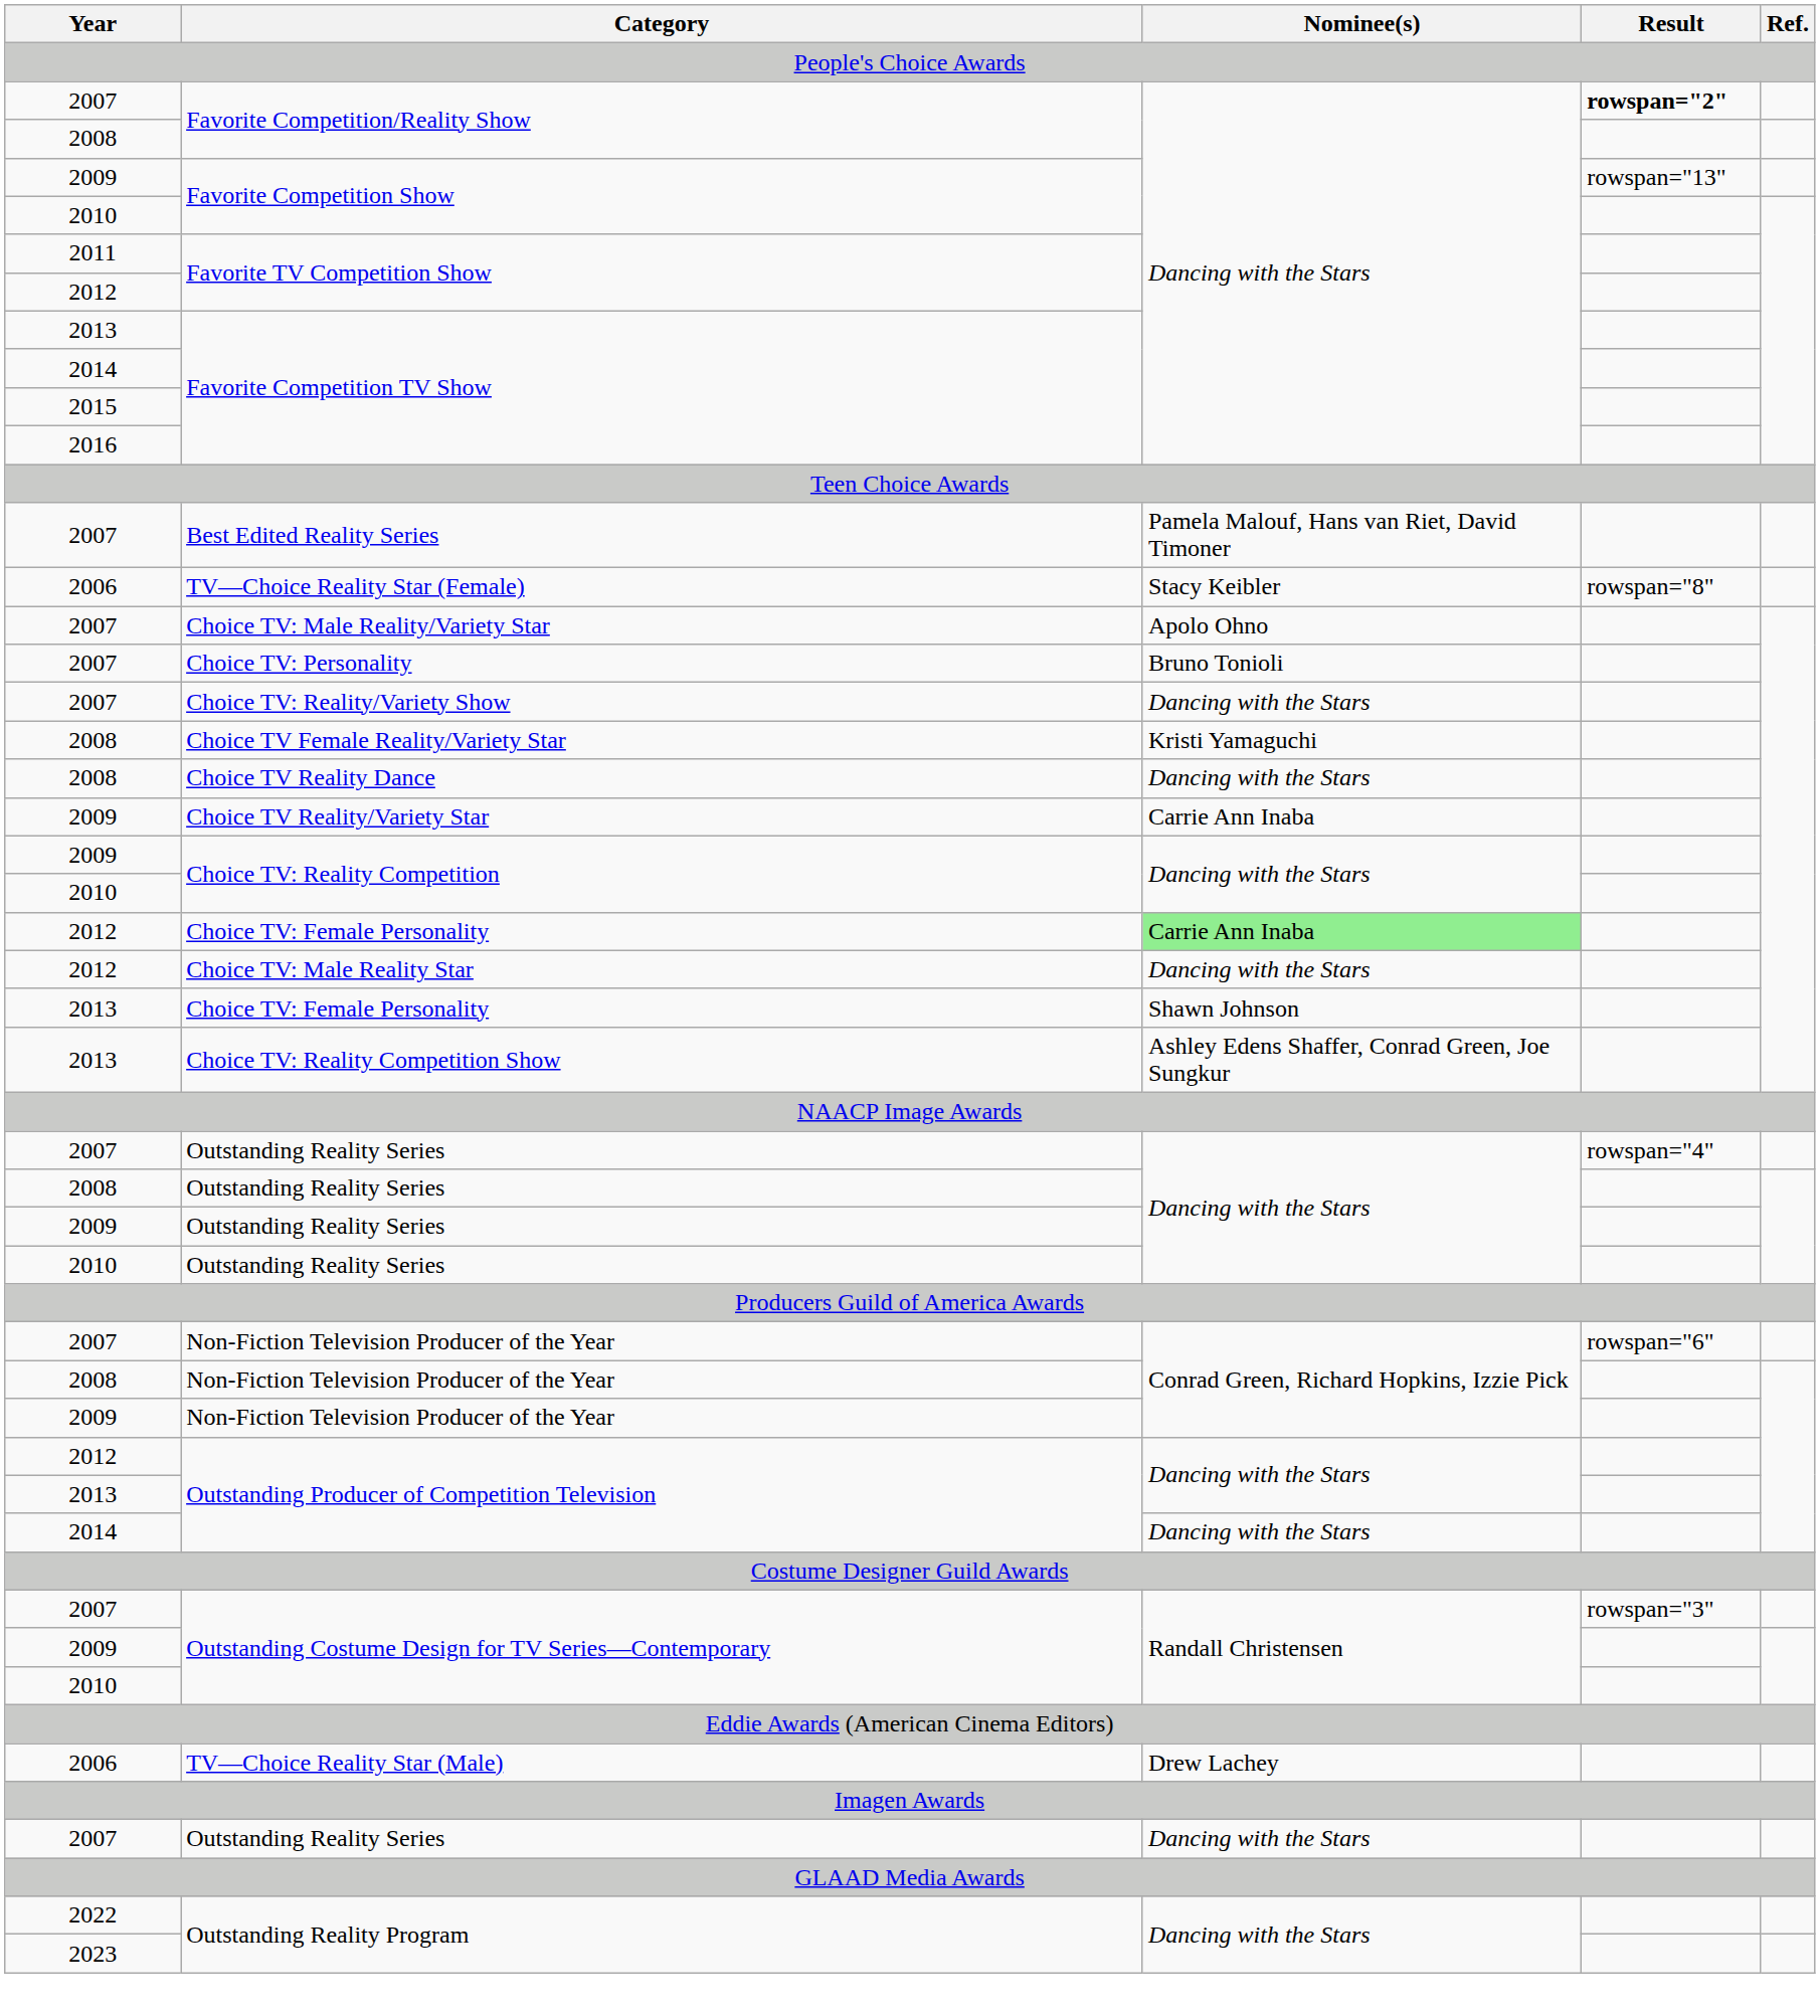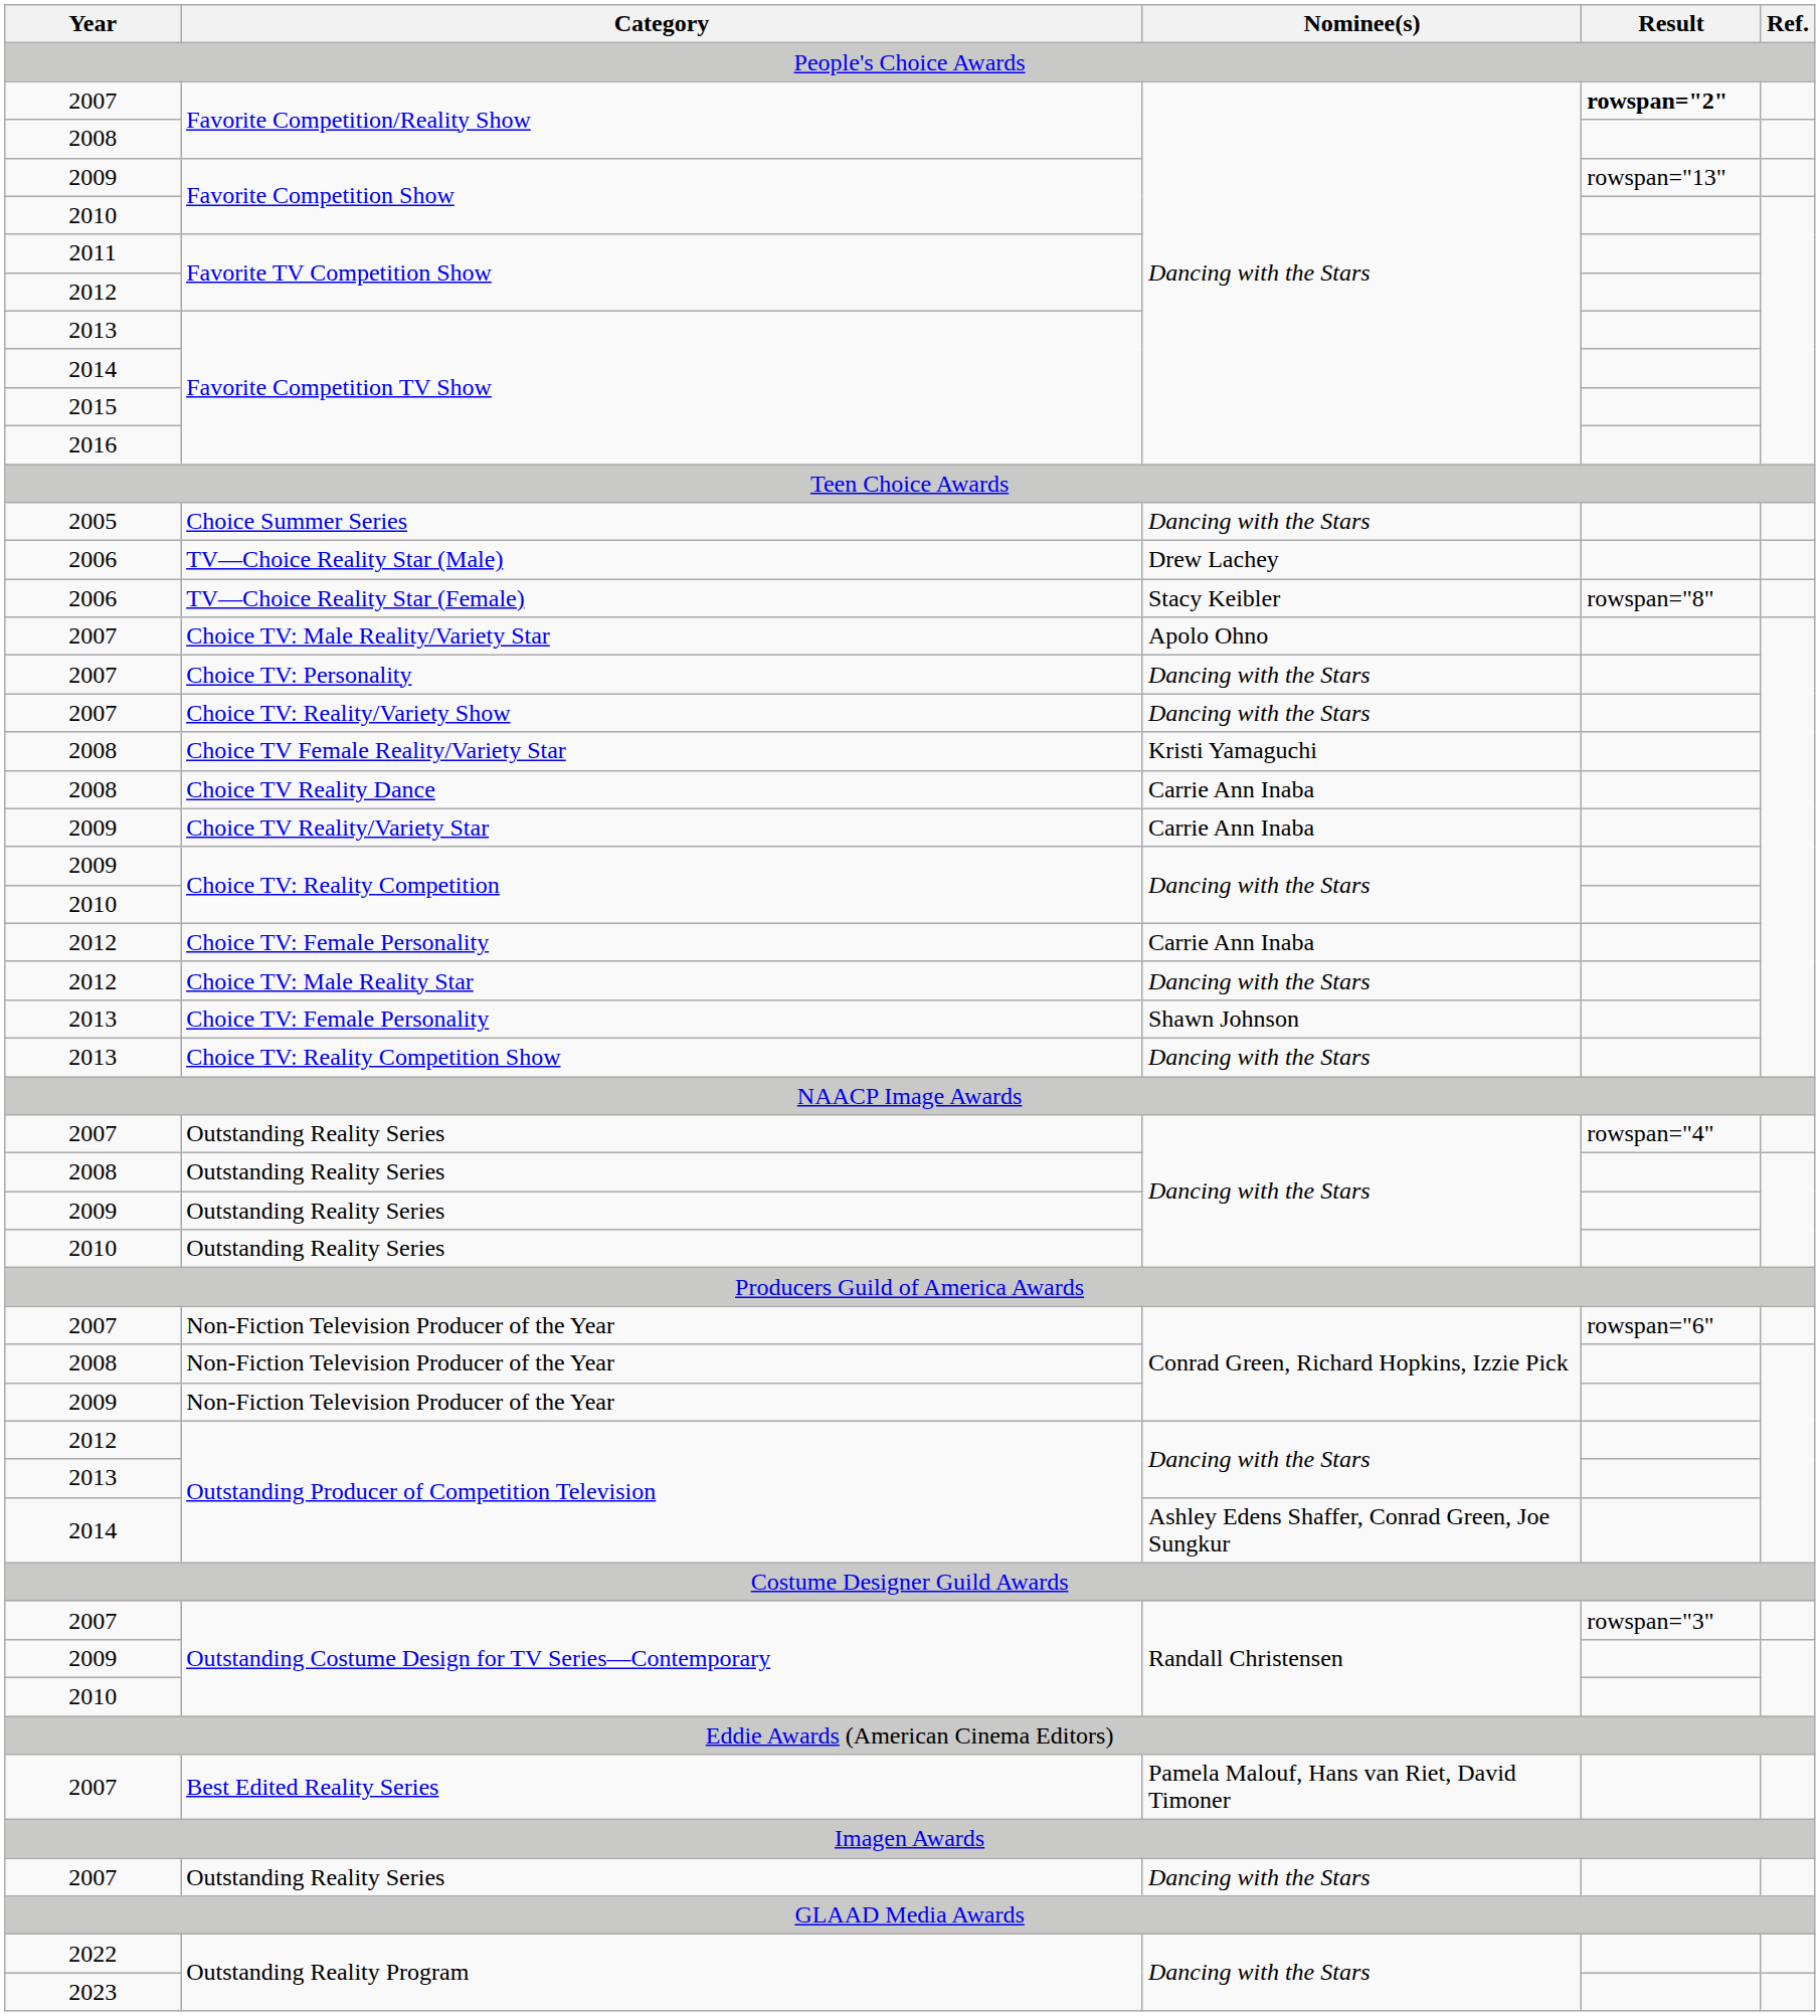 <table class="wikitable" style="width:95%;">
 <tr>
 <th width=10%>Year</th>
 <th width=55%>Category</th>
 <th width=25%>Nominee(s)</th>
 <th width=10%>Result</th>
 <th>Ref.</th>
 </tr>
 <tr>
 <td colspan="5" align="center" style="background:#c9cac8;"><a href='#'>People's Choice Awards</a></td>
 </tr>
 <tr>
 <td style="text-align:center;">2007</td>
 <td rowspan="2"><a href='#'>Favorite Competition/Reality Show</a></td>
 <td rowspan="10"><em>Dancing with the Stars</em></td>
 <td><strong>rowspan="2" </strong></td>
 <td></td>
 </tr>
 <tr>
 <td style="text-align:center;">2008</td>
 <td></td>
 </tr>
 <tr>
 <td style="text-align:center;">2009</td>
 <td rowspan="2"><a href='#'>Favorite Competition Show</a></td>
 <td>rowspan="13" </td>
 <td></td>
 </tr>
 <tr>
 <td style="text-align:center;">2010</td>
 <td></td>
 </tr>
 <tr>
 <td style="text-align:center;">2011</td>
 <td rowspan="2"><a href='#'>Favorite TV Competition Show</a></td>
 <td></td>
 </tr>
 <tr>
 <td style="text-align:center;">2012</td>
 <td></td>
 </tr>
 <tr>
 <td style="text-align:center;">2013</td>
 <td rowspan="4"><a href='#'>Favorite Competition TV Show</a></td>
 <td></td>
 </tr>
 <tr>
 <td style="text-align:center;">2014</td>
 <td></td>
 </tr>
 <tr>
 <td style="text-align:center;">2015</td>
 <td></td>
 </tr>
 <tr>
 <td style="text-align:center;">2016</td>
 <td></td>
 </tr>
 <tr>
 <td colspan="5" align="center" style="background:#c9cac8;"><a href='#'>Teen Choice Awards</a></td>
 </tr>
 <tr>
-<td style="text-align:center;">2007</td>
-<td><a href='#'>Best Edited Reality Series</a></td>
-<td>Pamela Malouf, Hans van Riet, David Timoner</td>
+<td style="text-align:center;">2005</td>
+<td><a href='#'>Choice Summer Series</a></td>
+<td><em>Dancing with the Stars</em></td>
+<td></td>
+<td></td>
+</tr>
+<tr>
+<td style="text-align:center;">2006</td>
+<td><a href='#'>TV—Choice Reality Star (Male)</a></td>
+<td>Drew Lachey</td>
 <td></td>
 <td></td>
 </tr>
 <tr>
 <td style="text-align:center;">2006</td>
 <td><a href='#'>TV—Choice Reality Star (Female)</a></td>
 <td>Stacy Keibler</td>
 <td>rowspan="8" </td>
 <td></td>
 </tr>
 <tr>
 <td style="text-align:center;">2007</td>
 <td><a href='#'>Choice TV: Male Reality/Variety Star</a></td>
 <td>Apolo Ohno</td>
 <td></td>
 </tr>
 <tr>
 <td style="text-align:center;">2007</td>
 <td><a href='#'>Choice TV: Personality</a></td>
-<td>Bruno Tonioli</td>
+<td><em>Dancing with the Stars</em></td>
 <td></td>
 </tr>
 <tr>
 <td style="text-align:center;">2007</td>
 <td><a href='#'>Choice TV: Reality/Variety Show</a></td>
 <td><em>Dancing with the Stars</em></td>
 <td></td>
 </tr>
 <tr>
 <td style="text-align:center;">2008</td>
 <td><a href='#'>Choice TV Female Reality/Variety Star</a></td>
 <td>Kristi Yamaguchi</td>
 <td></td>
 </tr>
 <tr>
 <td style="text-align:center;">2008</td>
 <td><a href='#'>Choice TV Reality Dance</a></td>
-<td><em>Dancing with the Stars</em></td>
+<td>Carrie Ann Inaba</td>
 <td></td>
 </tr>
 <tr>
 <td style="text-align:center;">2009</td>
 <td><a href='#'>Choice TV Reality/Variety Star</a></td>
 <td>Carrie Ann Inaba</td>
 <td></td>
 </tr>
 <tr>
 <td style="text-align:center;">2009</td>
 <td rowspan="2"><a href='#'>Choice TV: Reality Competition</a></td>
 <td rowspan="2"><em>Dancing with the Stars</em></td>
 <td></td>
 </tr>
 <tr>
 <td style="text-align:center;">2010</td>
 <td></td>
 </tr>
 <tr>
 <td style="text-align:center;">2012</td>
 <td><a href='#'>Choice TV: Female Personality</a></td>
-<td style="background: lightgreen;">Carrie Ann Inaba</td>
+<td>Carrie Ann Inaba</td>
 <td></td>
 </tr>
 <tr>
 <td style="text-align:center;">2012</td>
 <td><a href='#'>Choice TV: Male Reality Star</a></td>
 <td><em>Dancing with the Stars</em></td>
 <td></td>
 </tr>
 <tr>
 <td style="text-align:center;">2013</td>
 <td><a href='#'>Choice TV: Female Personality</a></td>
 <td>Shawn Johnson</td>
 <td></td>
 </tr>
 <tr>
 <td style="text-align:center;">2013</td>
 <td><a href='#'>Choice TV: Reality Competition Show</a></td>
-<td>Ashley Edens Shaffer, Conrad Green, Joe Sungkur</td>
+<td><em>Dancing with the Stars</em></td>
 <td></td>
 </tr>
 <tr>
 <td colspan="5" align="center" style="background:#c9cac8;"><a href='#'>NAACP Image Awards</a></td>
 </tr>
 <tr>
 <td style="text-align:center;">2007</td>
 <td>Outstanding Reality Series</td>
 <td rowspan="4"><em>Dancing with the Stars</em></td>
 <td>rowspan="4" </td>
 <td></td>
 </tr>
 <tr>
 <td style="text-align:center;">2008</td>
 <td>Outstanding Reality Series</td>
 <td></td>
 </tr>
 <tr>
 <td style="text-align:center;">2009</td>
 <td>Outstanding Reality Series</td>
 <td></td>
 </tr>
 <tr>
 <td style="text-align:center;">2010</td>
 <td>Outstanding Reality Series</td>
 <td></td>
 </tr>
 <tr>
 <td colspan="5" align="center" style="background:#c9cac8;"><a href='#'>Producers Guild of America Awards</a></td>
 </tr>
 <tr>
 <td style="text-align:center;">2007</td>
 <td>Non-Fiction Television Producer of the Year</td>
 <td rowspan="3">Conrad Green, Richard Hopkins, Izzie Pick</td>
 <td>rowspan="6" </td>
 <td></td>
 </tr>
 <tr>
 <td style="text-align:center;">2008</td>
 <td>Non-Fiction Television Producer of the Year</td>
 <td></td>
 </tr>
 <tr>
 <td style="text-align:center;">2009</td>
 <td>Non-Fiction Television Producer of the Year</td>
 <td></td>
 </tr>
 <tr>
 <td style="text-align:center;">2012</td>
 <td rowspan="3"><a href='#'>Outstanding Producer of Competition Television</a></td>
 <td rowspan="2"><em>Dancing with the Stars</em></td>
 <td></td>
 </tr>
 <tr>
 <td style="text-align:center;">2013</td>
 <td></td>
 </tr>
 <tr>
 <td style="text-align:center;">2014</td>
-<td><em>Dancing with the Stars</em></td>
+<td>Ashley Edens Shaffer, Conrad Green, Joe Sungkur</td>
 <td></td>
 </tr>
 <tr>
 <td colspan="5" align="center" style="background:#c9cac8;"><a href='#'>Costume Designer Guild Awards</a></td>
 </tr>
 <tr>
 <td style="text-align:center;">2007</td>
 <td rowspan="3"><a href='#'>Outstanding Costume Design for TV Series—Contemporary</a></td>
 <td rowspan="3">Randall Christensen</td>
 <td>rowspan="3" </td>
 <td></td>
 </tr>
 <tr>
 <td style="text-align:center;">2009</td>
 <td></td>
 </tr>
 <tr>
 <td style="text-align:center;">2010</td>
 <td></td>
 </tr>
 <tr>
 <td colspan="5" align="center" style="background:#c9cac8;"><a href='#'>Eddie Awards</a> (American Cinema Editors)</td>
 </tr>
 <tr>
-<td style="text-align:center;">2006</td>
-<td><a href='#'>TV—Choice Reality Star (Male)</a></td>
-<td>Drew Lachey</td>
+<td style="text-align:center;">2007</td>
+<td><a href='#'>Best Edited Reality Series</a></td>
+<td>Pamela Malouf, Hans van Riet, David Timoner</td>
 <td></td>
 <td></td>
 </tr>
 <tr>
 <td colspan="5" align="center" style="background:#c9cac8;"><a href='#'>Imagen Awards</a></td>
 </tr>
 <tr>
 <td style="text-align:center;">2007</td>
 <td>Outstanding Reality Series</td>
 <td><em>Dancing with the Stars</em></td>
 <td></td>
 <td></td>
 </tr>
 <tr>
 <td colspan="5" align="center" style="background:#c9cac8;"><a href='#'>GLAAD Media Awards</a></td>
 </tr>
 <tr>
 <td style="text-align:center;">2022</td>
 <td rowspan="2">Outstanding Reality Program</td>
 <td rowspan="2"><em>Dancing with the Stars</em></td>
 <td></td>
 <td></td>
 </tr>
 <tr>
 <td style="text-align:center;">2023</td>
 <td></td>
 <td></td>
 </tr>
 </table>
